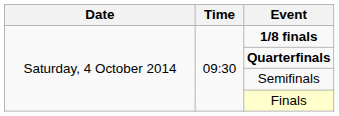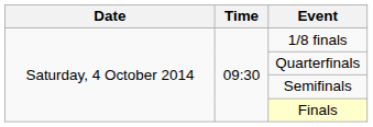 <table class = "wikitable" style="text-align:center;">
 <tr>
 <th width=220>Date</th>
 <th width=50>Time</th>
 <th width=100>Event</th>
 </tr>
 <tr>
 <td rowspan=4>Saturday, 4 October 2014</td>
 <td rowspan=4>09:30</td>
-<td><strong>1/8 finals</strong></td>
+<td>1/8 finals</td>
 </tr>
 <tr>
-<td><strong>Quarterfinals</strong></td>
+<td>Quarterfinals</td>
 </tr>
 <tr>
 <td>Semifinals</td>
 </tr>
 <tr>
 <td bgcolor=ffffcc>Finals</td>
 </tr>
 </table>
